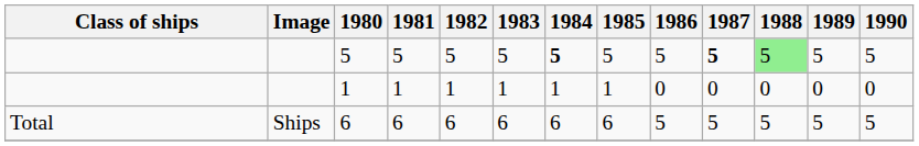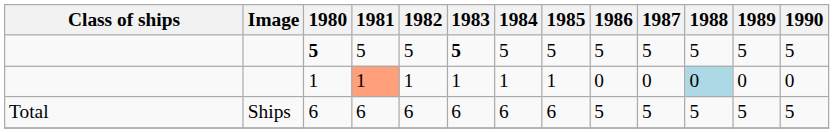 <table class="wikitable sortable collapsible collapsed">
 <tr>
 <th style="width:29%;">Class of ships</th>
 <th>Image</th>
 <th>1980</th>
 <th>1981</th>
 <th>1982</th>
 <th>1983</th>
 <th>1984</th>
 <th>1985</th>
 <th>1986</th>
 <th>1987</th>
 <th>1988</th>
 <th>1989</th>
 <th>1990</th>
 </tr>
 <tr valign="top">
 <td></td>
 <td></td>
-<td>5</td>
-<td>5</td>
+<td><strong>5</strong></td>
 <td>5</td>
 <td>5</td>
 <td><strong>5</strong></td>
 <td>5</td>
 <td>5</td>
-<td><strong>5</strong></td>
-<td style="background: lightgreen;">5</td>
+<td>5</td>
+<td>5</td>
+<td>5</td>
 <td>5</td>
 <td>5</td>
 </tr>
 <tr valign="top">
 <td></td>
 <td></td>
 <td>1</td>
-<td>1</td>
+<td style="background: lightsalmon;">1</td>
 <td>1</td>
 <td>1</td>
 <td>1</td>
 <td>1</td>
 <td>0</td>
 <td>0</td>
-<td>0</td>
+<td style="background: lightblue;">0</td>
 <td>0</td>
 <td>0</td>
 </tr>
 <tr valign="top">
 <td>Total</td>
 <td>Ships</td>
 <td>6</td>
 <td>6</td>
 <td>6</td>
 <td>6</td>
 <td>6</td>
 <td>6</td>
 <td>5</td>
 <td>5</td>
 <td>5</td>
 <td>5</td>
 <td>5</td>
 </tr>
 <tr>
 </tr>
 </table>
